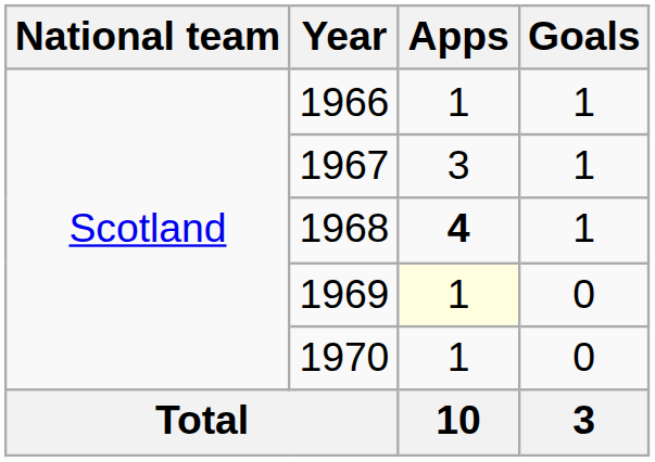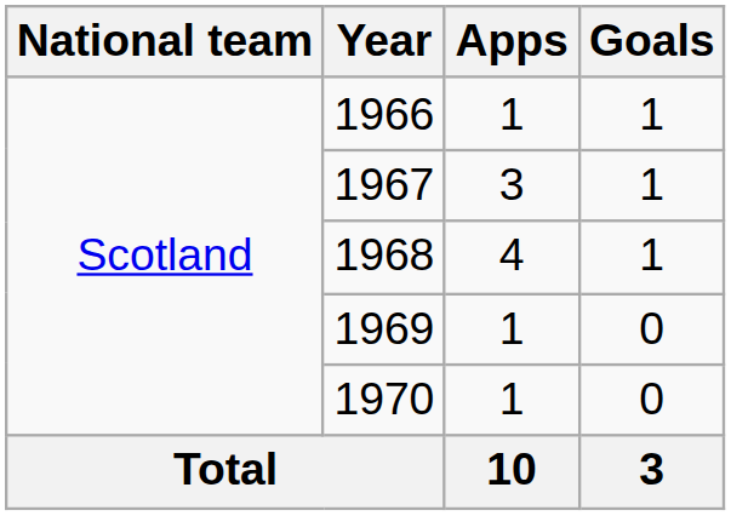 <table class=wikitable style="text-align:center">
 <tr>
 <th>National team</th>
 <th>Year</th>
 <th>Apps</th>
 <th>Goals</th>
 </tr>
 <tr>
 <td rowspan="5"><a href='#'>Scotland</a></td>
 <td>1966</td>
 <td>1</td>
 <td>1</td>
 </tr>
 <tr>
 <td>1967</td>
 <td>3</td>
 <td>1</td>
 </tr>
 <tr>
 <td>1968</td>
-<td><strong>4</strong></td>
+<td>4</td>
 <td>1</td>
 </tr>
 <tr>
 <td>1969</td>
-<td style="background: lightyellow;">1</td>
+<td>1</td>
 <td>0</td>
 </tr>
 <tr>
 <td>1970</td>
 <td>1</td>
 <td>0</td>
 </tr>
 <tr>
 <th colspan="2">Total</th>
 <th>10</th>
 <th>3</th>
 </tr>
 </table>
